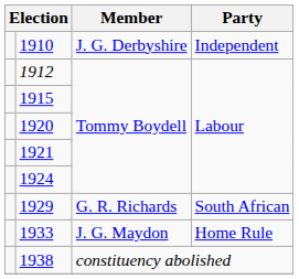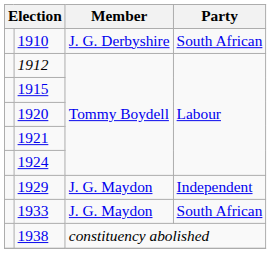 <table class="wikitable">
 <tr>
 <th colspan="2">Election</th>
 <th>Member</th>
 <th>Party</th>
 </tr>
 <tr>
 <td style="background-color: "></td>
 <td><a href='#'>1910</a></td>
 <td><a href='#'>J. G. Derbyshire</a></td>
-<td><a href='#'>Independent</a></td>
+<td><a href='#'>South African</a></td>
 </tr>
 <tr>
 <td style="background-color: "></td>
 <td><em>1912</em></td>
 <td rowspan="5"><a href='#'>Tommy Boydell</a></td>
 <td rowspan="5"><a href='#'>Labour</a></td>
 </tr>
 <tr>
 <td style="background-color: "></td>
 <td><a href='#'>1915</a></td>
 </tr>
 <tr>
 <td style="background-color: "></td>
 <td><a href='#'>1920</a></td>
 </tr>
 <tr>
 <td style="background-color: "></td>
 <td><a href='#'>1921</a></td>
 </tr>
 <tr>
 <td style="background-color: "></td>
 <td><a href='#'>1924</a></td>
 </tr>
 <tr>
 <td style="background-color: "></td>
 <td><a href='#'>1929</a></td>
-<td><a href='#'>G. R. Richards</a></td>
-<td><a href='#'>South African</a></td>
+<td><a href='#'>J. G. Maydon</a></td>
+<td><a href='#'>Independent</a></td>
 </tr>
 <tr>
 <td style="background-color: "></td>
 <td><a href='#'>1933</a></td>
 <td><a href='#'>J. G. Maydon</a></td>
-<td><a href='#'>Home Rule</a></td>
+<td><a href='#'>South African</a></td>
 </tr>
 <tr>
 <td style="background-color: "></td>
 <td><a href='#'>1938</a></td>
 <td colspan="2"><em>constituency abolished</em></td>
 </tr>
 <tr>
 </tr>
 </table>
